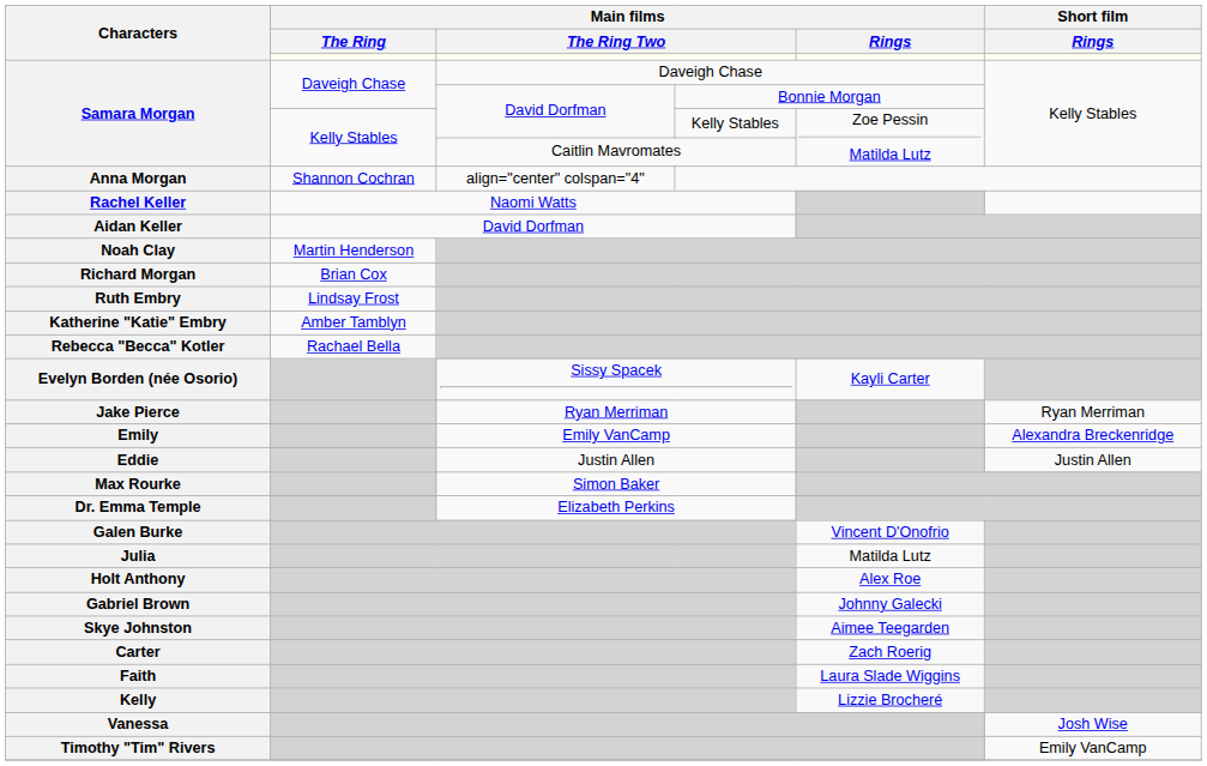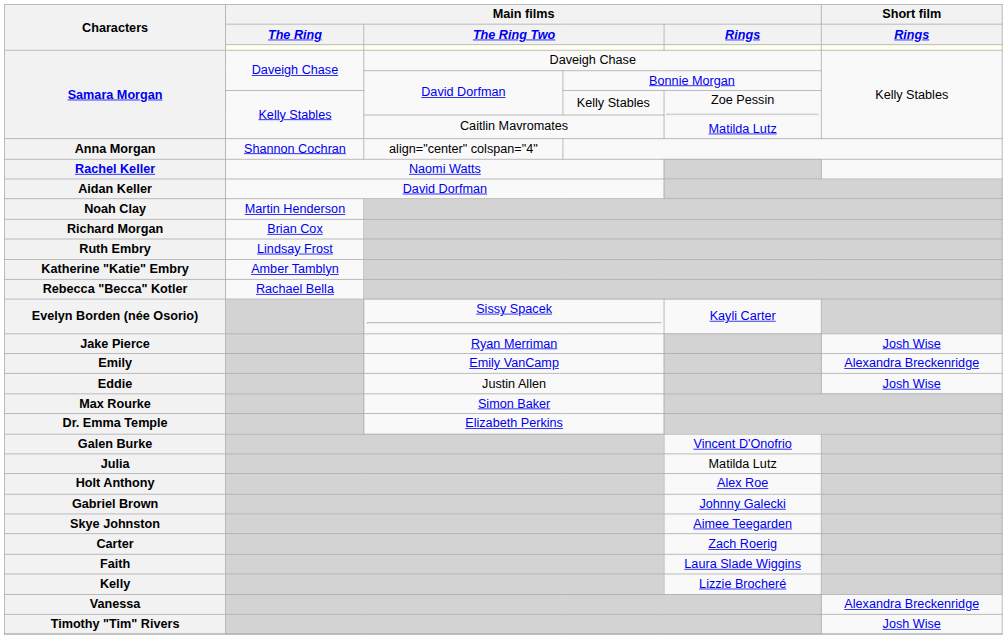 <table class="wikitable" style="text-align:center; width:100%">
 <tr>
 <th rowspan="3">Characters</th>
 <th colspan="4">Main films</th>
 <th>Short film</th>
 </tr>
 <tr>
 <th><em><a href='#'>The Ring</a></em></th>
 <th colspan="2"><em><a href='#'>The Ring Two</a></em></th>
 <th><em><a href='#'>Rings</a></em></th>
 <th><em><a href='#'>Rings</a></em></th>
 </tr>
 <tr>
 <th style="background:ivory;"><span></span></th>
 <th colspan="2" style="background:ivory;"><span></span></th>
 <th style="background:ivory;"><span></span></th>
 <th style="background:ivory;"><span></span></th>
 </tr>
 <tr>
 <th rowspan="4"><a href='#'>Samara Morgan</a></th>
 <td align="center" rowspan="2"><a href='#'>Daveigh Chase</a></td>
 <td align="center" colspan="3">Daveigh Chase</td>
 <td rowspan="4">Kelly Stables</td>
 </tr>
 <tr>
 <td align="center" rowspan="2"><a href='#'>David Dorfman</a></td>
 <td align="center" colspan="2"><a href='#'>Bonnie Morgan</a></td>
 </tr>
 <tr>
 <td align="center" rowspan="2"><a href='#'>Kelly Stables</a></td>
 <td align="center">Kelly Stables</td>
 <td align="center" rowspan ="2">Zoe Pessin<hr><a href='#'>Matilda Lutz</a></td>
 </tr>
 <tr>
 <td align="center" colspan="2">Caitlin Mavromates</td>
 </tr>
 <tr>
 <th>Anna Morgan</th>
 <td align="center"><a href='#'>Shannon Cochran</a></td>
 <td>align="center" colspan="4" </td>
 </tr>
 <tr>
 <th><a href='#'>Rachel Keller</a></th>
 <td align="center" colspan="3"><a href='#'>Naomi Watts</a></td>
 <td style="background:lightgrey;"> </td>
 <td></td>
 </tr>
 <tr>
 <th>Aidan Keller</th>
 <td align="center" colspan="3"><a href='#'>David Dorfman</a></td>
 <td colspan="2" style="background:lightgrey;"> </td>
 </tr>
 <tr>
 <th>Noah Clay</th>
 <td align="center"><a href='#'>Martin Henderson</a></td>
 <td colspan="4" style="background:lightgrey;"> </td>
 </tr>
 <tr>
 <th>Richard Morgan</th>
 <td align="center"><a href='#'>Brian Cox</a></td>
 <td colspan="4" style="background:lightgrey;"> </td>
 </tr>
 <tr>
 <th>Ruth Embry</th>
 <td align="center"><a href='#'>Lindsay Frost</a></td>
 <td colspan="4" style="background:lightgrey;"> </td>
 </tr>
 <tr>
 <th>Katherine "Katie" Embry</th>
 <td align="center"><a href='#'>Amber Tamblyn</a></td>
 <td colspan="4" style="background:lightgrey;"> </td>
 </tr>
 <tr>
 <th>Rebecca "Becca" Kotler</th>
 <td align="center"><a href='#'>Rachael Bella</a></td>
 <td colspan="4" style="background:lightgrey;"> </td>
 </tr>
 <tr>
 <th>Evelyn Borden (née Osorio)</th>
 <td style="background:lightgrey;"> </td>
 <td align="center" colspan="2"><a href='#'>Sissy Spacek</a><hr></td>
 <td align="center"><a href='#'>Kayli Carter</a></td>
 <td style="background:lightgrey;"> </td>
 </tr>
 <tr>
 <th>Jake Pierce</th>
 <td style="background:lightgrey;"> </td>
 <td align="center" colspan="2"><a href='#'>Ryan Merriman</a></td>
 <td style="background:lightgrey;"> </td>
-<td align="center">Ryan Merriman</td>
+<td align="center"><a href='#'>Josh Wise</a></td>
 </tr>
 <tr>
 <th>Emily</th>
 <td style="background:lightgrey;"> </td>
 <td align="center" colspan="2"><a href='#'>Emily VanCamp</a></td>
 <td style="background:lightgrey;"> </td>
 <td align="center"><a href='#'>Alexandra Breckenridge</a></td>
 </tr>
 <tr>
 <th>Eddie</th>
 <td style="background:lightgrey;"> </td>
 <td align="center" colspan="2">Justin Allen</td>
 <td style="background:lightgrey;"> </td>
-<td align="center">Justin Allen</td>
+<td align="center"><a href='#'>Josh Wise</a></td>
 </tr>
 <tr>
 <th>Max Rourke</th>
 <td style="background:lightgrey;"> </td>
 <td align="center" colspan="2"><a href='#'>Simon Baker</a></td>
 <td colspan="2" style="background:lightgrey;"> </td>
 </tr>
 <tr>
 <th>Dr. Emma Temple</th>
 <td style="background:lightgrey;"> </td>
 <td align="center" colspan="2"><a href='#'>Elizabeth Perkins</a></td>
 <td colspan="2" style="background:lightgrey;"> </td>
 </tr>
 <tr>
 <th>Galen Burke</th>
 <td colspan="3" style="background:lightgrey;"> </td>
 <td align="center"><a href='#'>Vincent D'Onofrio</a></td>
 <td style="background:lightgrey;"> </td>
 </tr>
 <tr>
 <th>Julia</th>
 <td colspan="3" style="background:lightgrey;"> </td>
 <td align="center">Matilda Lutz</td>
 <td style="background:lightgrey;"> </td>
 </tr>
 <tr>
 <th>Holt Anthony</th>
 <td colspan="3" style="background:lightgrey;"> </td>
 <td align="center"><a href='#'>Alex Roe</a></td>
 <td style="background:lightgrey;"> </td>
 </tr>
 <tr>
 <th>Gabriel Brown</th>
 <td colspan="3" style="background:lightgrey;"> </td>
 <td align="center"><a href='#'>Johnny Galecki</a></td>
 <td style="background:lightgrey;"> </td>
 </tr>
 <tr>
 <th>Skye Johnston</th>
 <td colspan="3" style="background:lightgrey;"> </td>
 <td align="center"><a href='#'>Aimee Teegarden</a></td>
 <td style="background:lightgrey;"> </td>
 </tr>
 <tr>
 <th>Carter</th>
 <td colspan="3" style="background:lightgrey;"> </td>
 <td align="center"><a href='#'>Zach Roerig</a></td>
 <td style="background:lightgrey;"> </td>
 </tr>
 <tr>
 <th>Faith</th>
 <td colspan="3" style="background:lightgrey;"> </td>
 <td align="center"><a href='#'>Laura Slade Wiggins</a></td>
 <td style="background:lightgrey;"> </td>
 </tr>
 <tr>
 <th>Kelly</th>
 <td colspan="3" style="background:lightgrey;"> </td>
 <td align="center"><a href='#'>Lizzie Brocheré</a></td>
 <td style="background:lightgrey;"> </td>
 </tr>
 <tr>
 <th>Vanessa</th>
 <td colspan="4" style="background:lightgrey;"> </td>
-<td align="center"><a href='#'>Josh Wise</a></td>
+<td align="center"><a href='#'>Alexandra Breckenridge</a></td>
 </tr>
 <tr>
 <th>Timothy "Tim" Rivers</th>
 <td colspan="4" style="background:lightgrey;"> </td>
-<td align="center">Emily VanCamp</td>
+<td align="center"><a href='#'>Josh Wise</a></td>
 </tr>
 <tr>
 </tr>
 </table>
